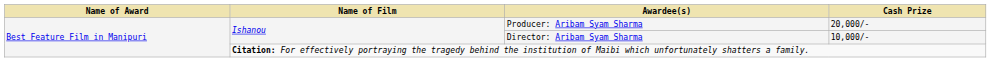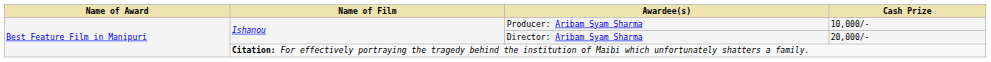 <table class="wikitable" style="width:100%;">
 <tr>
 <th style="background-color:#EFE4B0;width:23%;">Name of Award</th>
 <th style="background-color:#EFE4B0;width:28%;">Name of Film</th>
 <th style="background-color:#EFE4B0;width:33%;">Awardee(s)</th>
 <th style="background-color:#EFE4B0;width:16%;">Cash Prize</th>
 </tr>
 <tr style="background-color:#F4F4F4">
 <td rowspan="3"><a href='#'>Best Feature Film in Manipuri</a></td>
 <td rowspan="2"><em><a href='#'>Ishanou</a></em></td>
 <td>Producer: <a href='#'>Aribam Syam Sharma</a></td>
-<td> 20,000/-</td>
+<td> 10,000/-</td>
 </tr>
 <tr style="background-color:#F4F4F4">
 <td>Director: <a href='#'>Aribam Syam Sharma</a></td>
-<td> 10,000/-</td>
+<td> 20,000/-</td>
 </tr>
 <tr style="background-color:#F9F9F9">
 <td colspan="3"><strong>Citation:</strong> <em>For effectively portraying the tragedy behind the institution of Maibi which unfortunately shatters a family.</em></td>
 </tr>
 </table>
